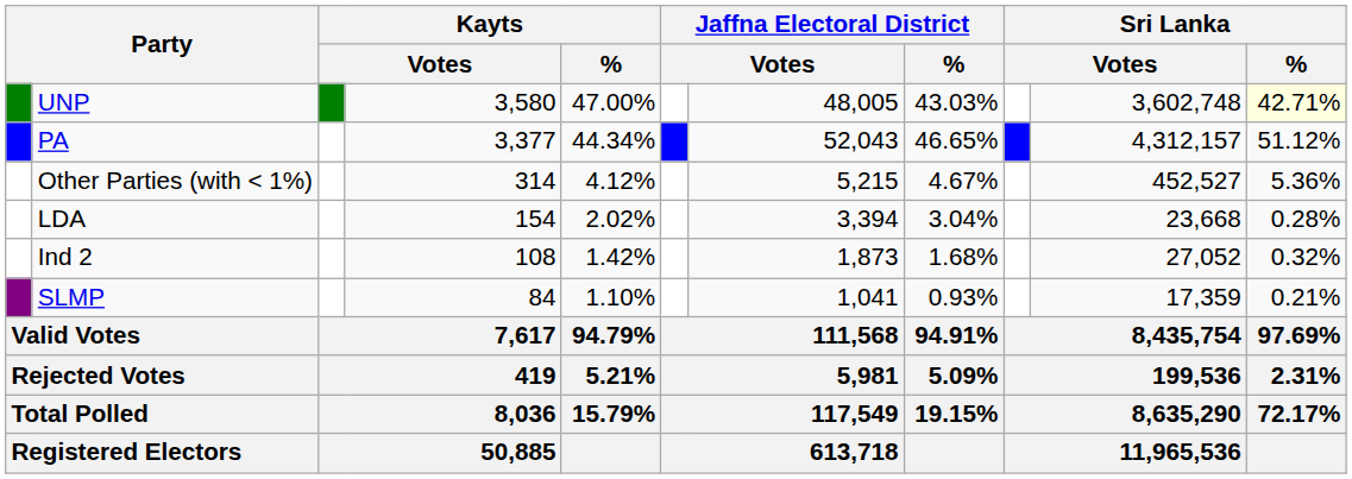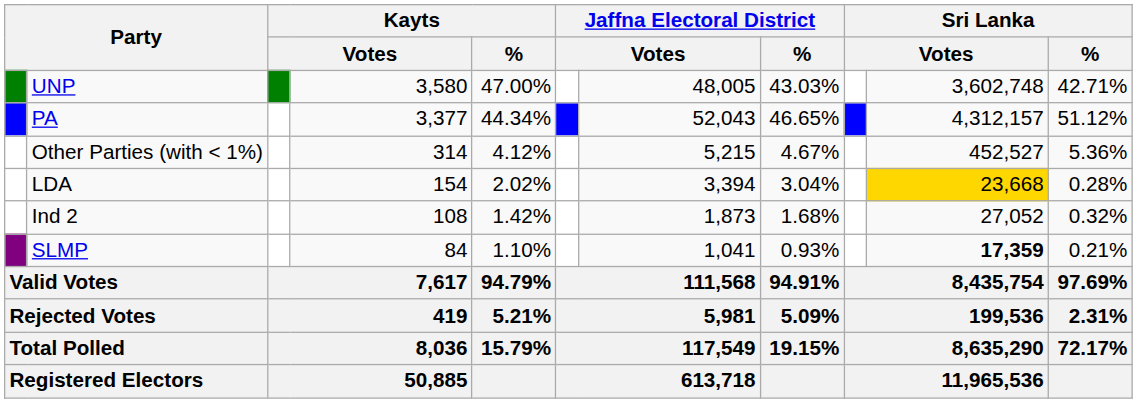 <table class="wikitable">
 <tr>
 <th colspan="2" width="144px"rowspan="2">Party</th>
 <th colspan="3" width="216px">Kayts</th>
 <th colspan="3" width="216px"><a href='#'>Jaffna Electoral District</a></th>
 <th colspan="3" width="216px">Sri Lanka</th>
 </tr>
 <tr>
 <th colspan="2" width="144px">Votes</th>
 <th>%</th>
 <th colspan="2" width="144px">Votes</th>
 <th>%</th>
 <th colspan="2" width="144px">Votes</th>
 <th>%</th>
 </tr>
 <tr>
 <td style="background-color:green;" width="10px"></td>
 <td style="text-align:left;"><a href='#'>UNP</a></td>
 <td style="background-color:green;" width="10px"></td>
 <td style="text-align:right;">3,580</td>
 <td style="text-align:right;">47.00%</td>
 <td style="background-color:white;" width="10px"></td>
 <td style="text-align:right;">48,005</td>
 <td style="text-align:right;">43.03%</td>
 <td style="background-color:white;" width="10px"></td>
 <td style="text-align:right;">3,602,748</td>
-<td style="background: lightyellow; text-align:right;">42.71%</td>
+<td style="text-align:right;">42.71%</td>
 </tr>
 <tr>
 <td style="background-color:blue;" width="10px"></td>
 <td style="text-align:left;"><a href='#'>PA</a></td>
 <td style="background-color:white;" width="10px"></td>
 <td style="text-align:right;">3,377</td>
 <td style="text-align:right;">44.34%</td>
 <td style="background-color:blue;" width="10px"></td>
 <td style="text-align:right;">52,043</td>
 <td style="text-align:right;">46.65%</td>
 <td style="background-color:blue;" width="10px"></td>
 <td style="text-align:right;">4,312,157</td>
 <td style="text-align:right;">51.12%</td>
 </tr>
 <tr>
 <td style="background-color:white;" width="10px"></td>
 <td style="text-align:left;">Other Parties (with < 1%)</td>
 <td style="background-color:white;" width="10px"></td>
 <td style="text-align:right;">314</td>
 <td style="text-align:right;">4.12%</td>
 <td style="background-color:white;" width="10px"></td>
 <td style="text-align:right;">5,215</td>
 <td style="text-align:right;">4.67%</td>
 <td style="background-color:white;" width="10px"></td>
 <td style="text-align:right;">452,527</td>
 <td style="text-align:right;">5.36%</td>
 </tr>
 <tr>
 <td style="background-color:white;" width="10px"></td>
 <td style="text-align:left;">LDA</td>
 <td style="background-color:white;" width="10px"></td>
 <td style="text-align:right;">154</td>
 <td style="text-align:right;">2.02%</td>
 <td style="background-color:white;" width="10px"></td>
 <td style="text-align:right;">3,394</td>
 <td style="text-align:right;">3.04%</td>
 <td style="background-color:white;" width="10px"></td>
-<td style="text-align:right;">23,668</td>
+<td style="background: gold; text-align:right;">23,668</td>
 <td style="text-align:right;">0.28%</td>
 </tr>
 <tr>
 <td style="background-color:white;" width="10px"></td>
 <td style="text-align:left;">Ind 2</td>
 <td style="background-color:white;" width="10px"></td>
 <td style="text-align:right;">108</td>
 <td style="text-align:right;">1.42%</td>
 <td style="background-color:white;" width="10px"></td>
 <td style="text-align:right;">1,873</td>
 <td style="text-align:right;">1.68%</td>
 <td style="background-color:white;" width="10px"></td>
 <td style="text-align:right;">27,052</td>
 <td style="text-align:right;">0.32%</td>
 </tr>
 <tr>
 <td style="background-color:purple;" width="10px"></td>
 <td style="text-align:left;"><a href='#'>SLMP</a></td>
 <td style="background-color:white;" width="10px"></td>
 <td style="text-align:right;">84</td>
 <td style="text-align:right;">1.10%</td>
 <td style="background-color:white;" width="10px"></td>
 <td style="text-align:right;">1,041</td>
 <td style="text-align:right;">0.93%</td>
 <td style="background-color:white;" width="10px"></td>
-<td style="text-align:right;">17,359</td>
+<td style="text-align:right;"><strong>17,359</strong></td>
 <td style="text-align:right;">0.21%</td>
 </tr>
 <tr>
 <th colspan="2" width="144px"style="text-align:left;">Valid Votes</th>
 <th style="text-align:right;"colspan="2" width="144px">7,617</th>
 <th style="text-align:right;">94.79%</th>
 <th style="text-align:right;"colspan="2" width="144px">111,568</th>
 <th style="text-align:right;">94.91%</th>
 <th style="text-align:right;"colspan="2" width="144px">8,435,754</th>
 <th style="text-align:right;">97.69%</th>
 </tr>
 <tr>
 <th colspan="2" width="144px"style="text-align:left;">Rejected Votes</th>
 <th style="text-align:right;"colspan="2" width="144px">419</th>
 <th style="text-align:right;">5.21%</th>
 <th style="text-align:right;"colspan="2" width="144px">5,981</th>
 <th style="text-align:right;">5.09%</th>
 <th style="text-align:right;"colspan="2" width="144px">199,536</th>
 <th style="text-align:right;">2.31%</th>
 </tr>
 <tr>
 <th colspan="2" width="144px"style="text-align:left;">Total Polled</th>
 <th style="text-align:right;"colspan="2" width="144px">8,036</th>
 <th style="text-align:right;">15.79%</th>
 <th style="text-align:right;"colspan="2" width="144px">117,549</th>
 <th style="text-align:right;">19.15%</th>
 <th style="text-align:right;"colspan="2" width="144px">8,635,290</th>
 <th style="text-align:right;">72.17%</th>
 </tr>
 <tr>
 <th colspan="2" width="144px"style="text-align:left;">Registered Electors</th>
 <th style="text-align:right;"colspan="2" width="144px">50,885</th>
 <th></th>
 <th style="text-align:right;"colspan="2" width="144px">613,718</th>
 <th></th>
 <th style="text-align:right;"colspan="2" width="144px">11,965,536</th>
 <th></th>
 </tr>
 </table>
